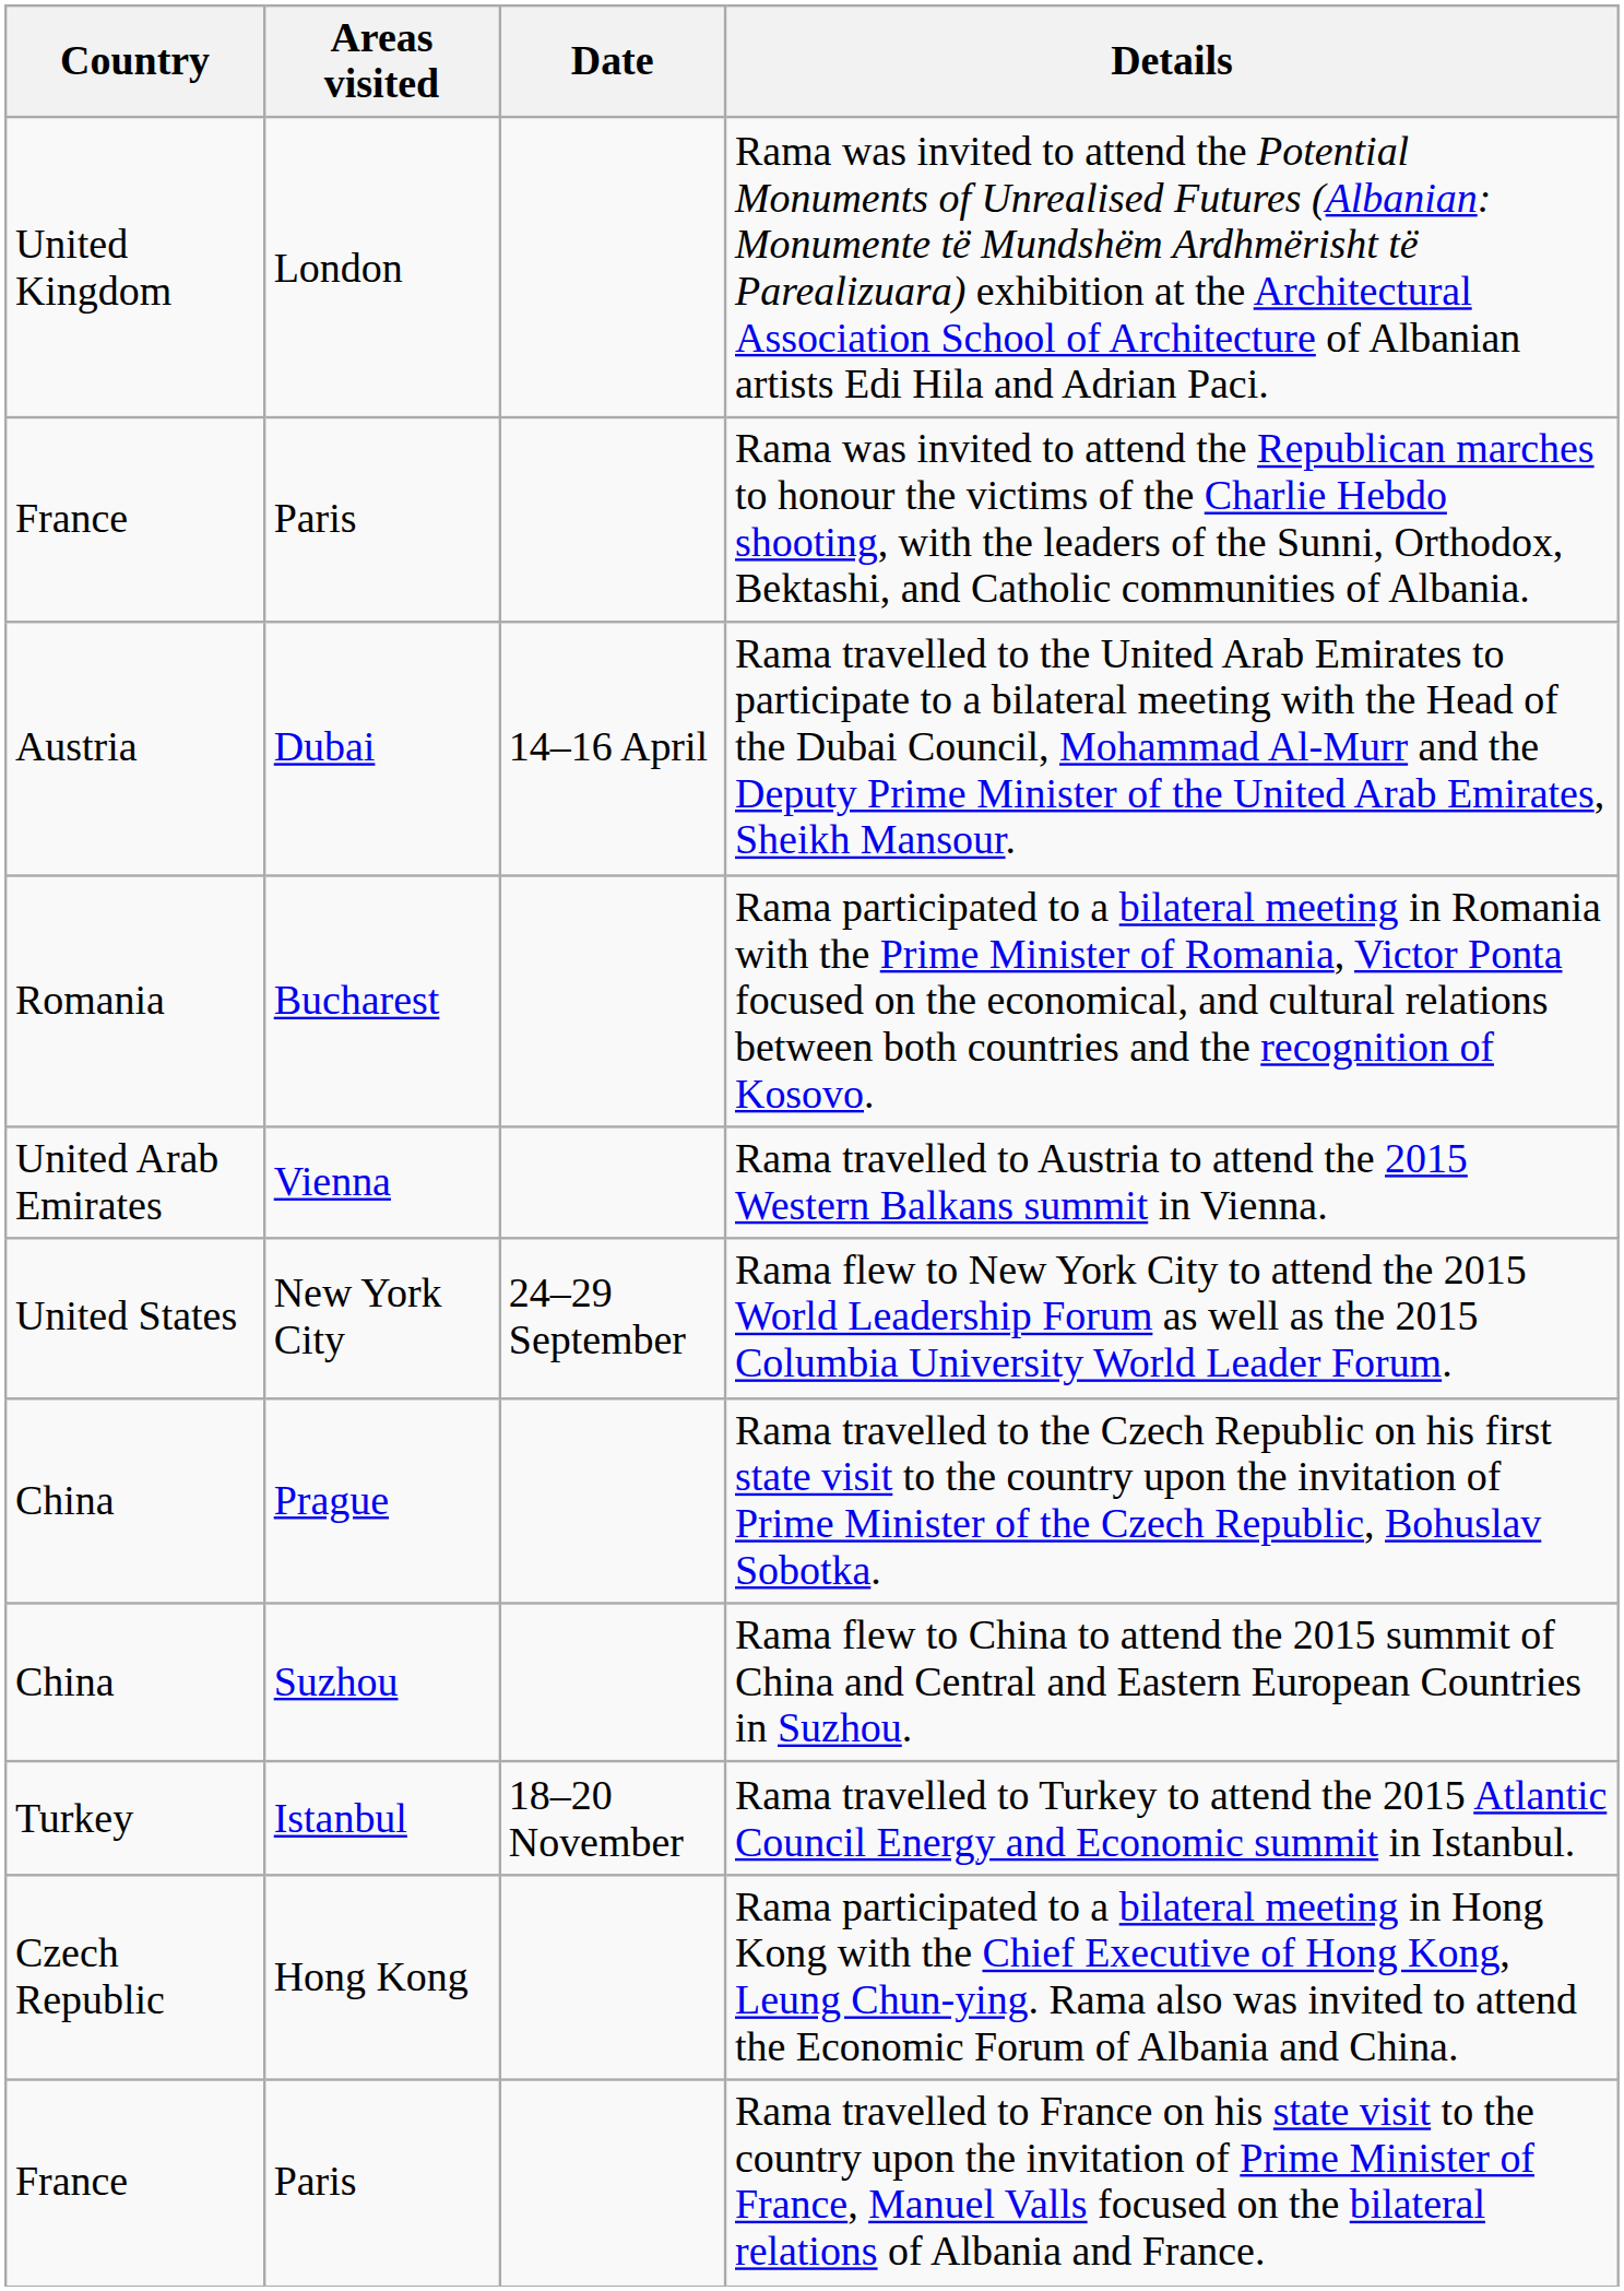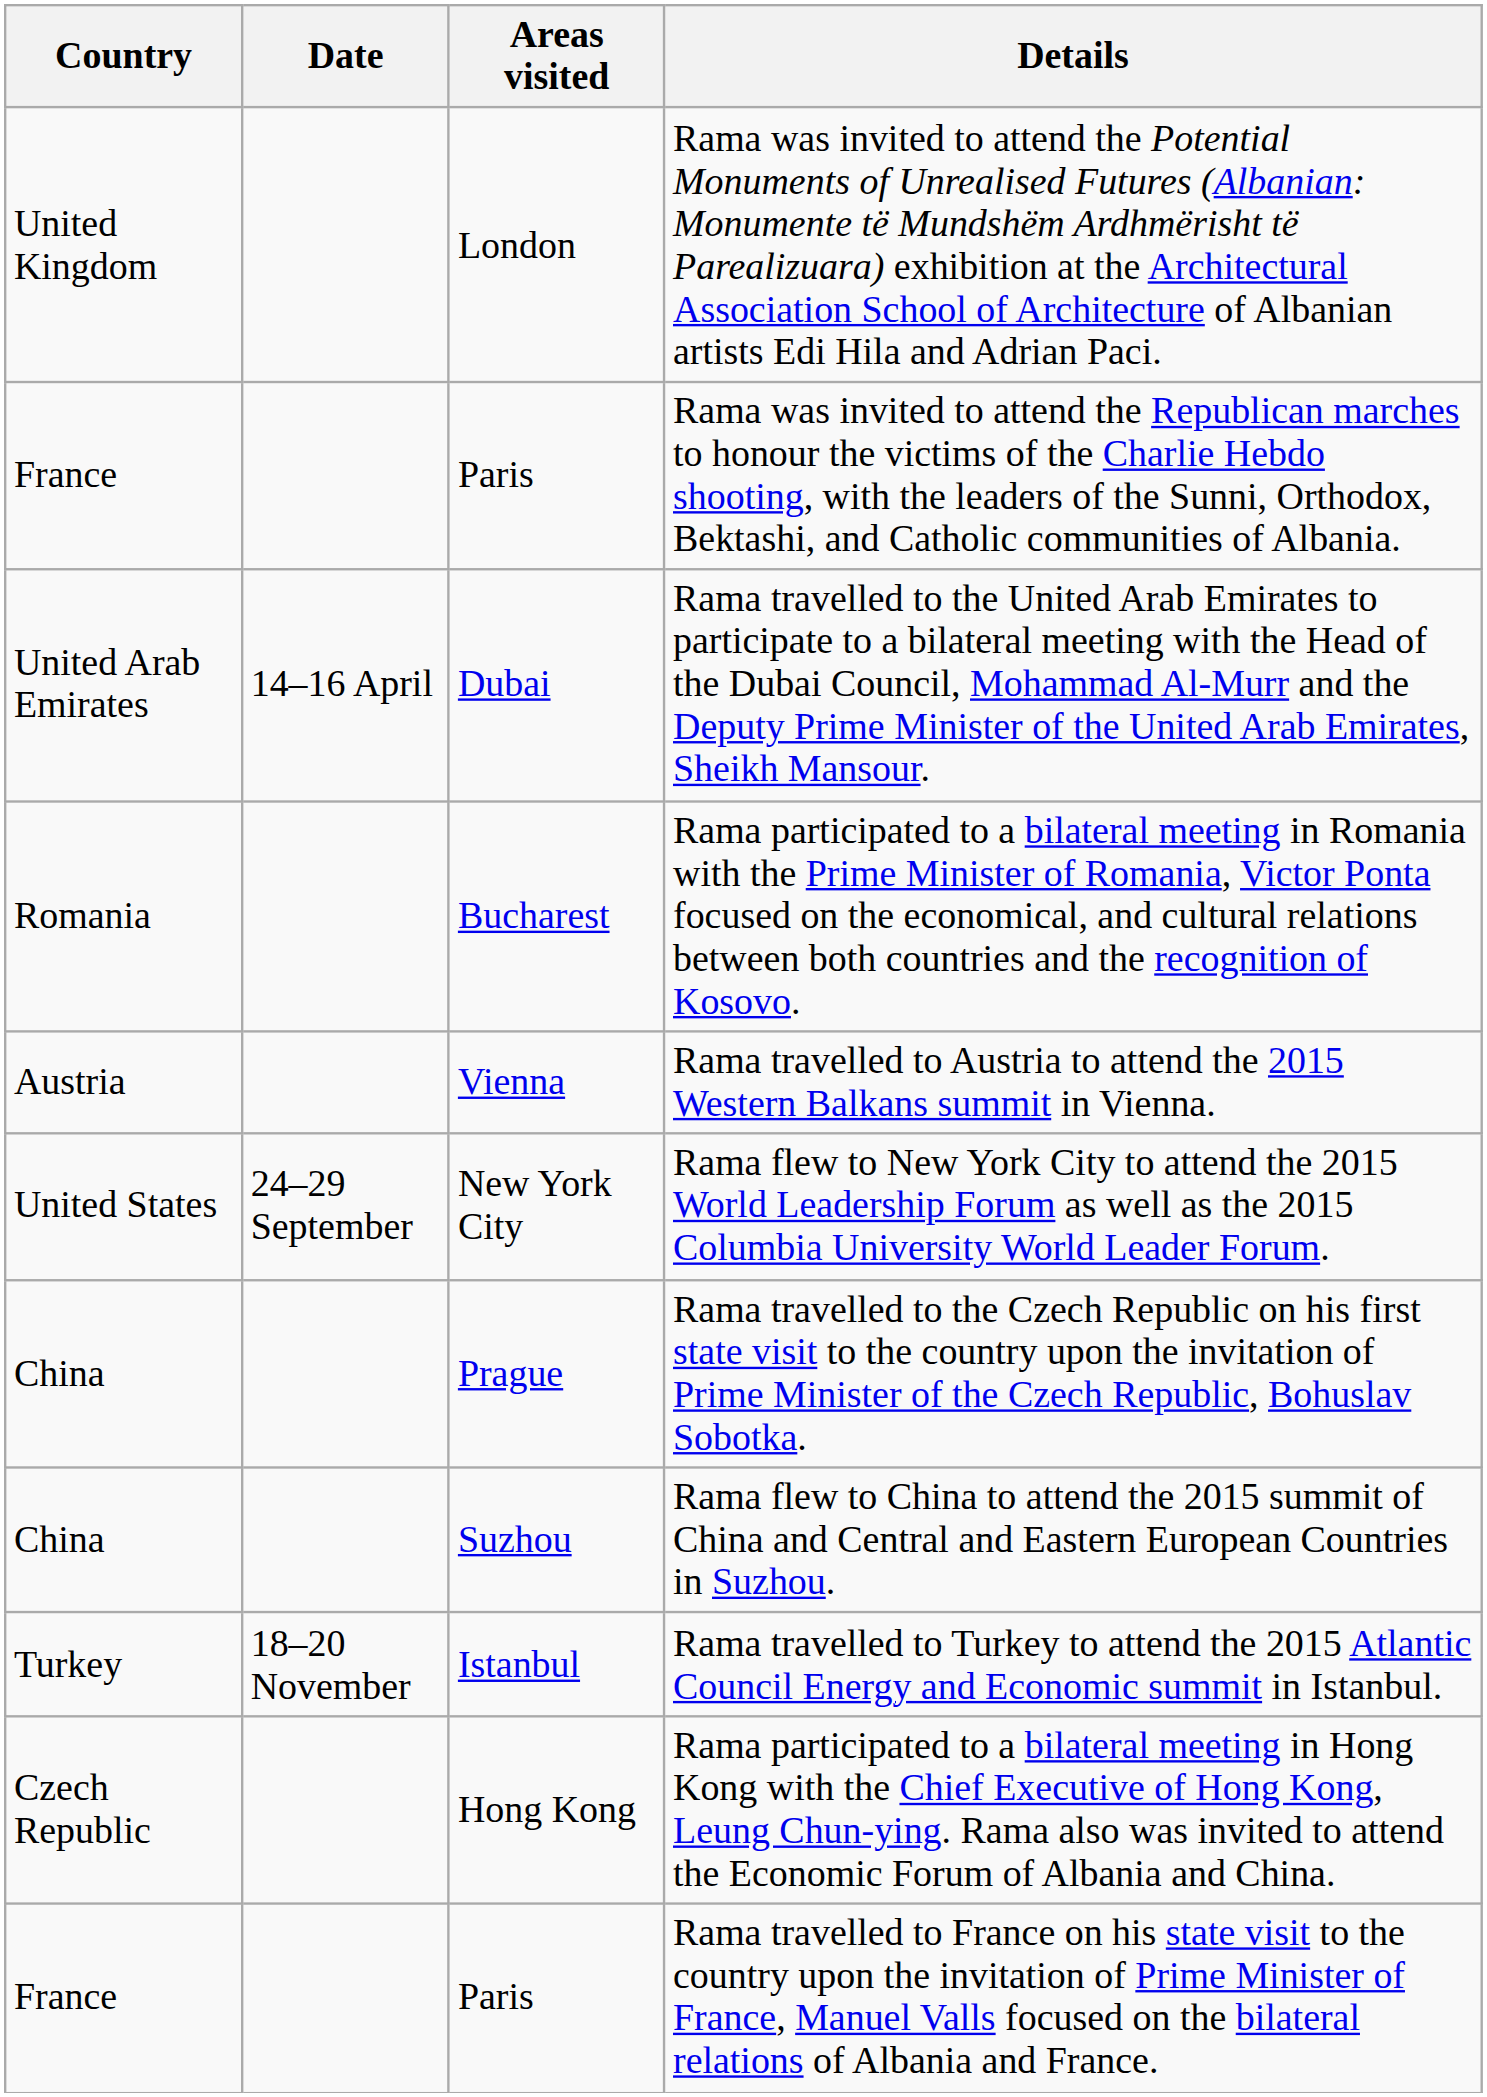 <table class="wikitable sortable outercollapse" style="margin: 1em auto 1em auto">
 <tr>
 <th width=120>Country</th>
+<th width=90>Date</th>
 <th width=100>Areas visited</th>
-<th width=90>Date</th>
 <th width=550>Details</th>
 </tr>
 <tr>
 <td> United Kingdom</td>
+<td></td>
 <td>London</td>
-<td></td>
 <td>Rama was invited to attend the <em>Potential Monuments of Unrealised Futures</em> <em>(<a href='#'>Albanian</a>: Monumente të Mundshëm Ardhmërisht të Parealizuara)</em> exhibition at the <a href='#'>Architectural Association School of Architecture</a> of Albanian artists Edi Hila and Adrian Paci.</td>
 </tr>
 <tr>
 <td> France</td>
+<td></td>
 <td>Paris</td>
-<td></td>
 <td>Rama was invited to attend the <a href='#'>Republican marches</a> to honour the victims of the <a href='#'>Charlie Hebdo shooting</a>, with the leaders of the Sunni, Orthodox, Bektashi, and Catholic communities of Albania.</td>
 </tr>
 <tr>
-<td> Austria</td>
+<td> United Arab Emirates</td>
+<td>14–16 April</td>
 <td><a href='#'>Dubai</a></td>
-<td>14–16 April</td>
 <td>Rama travelled to the United Arab Emirates to participate to a bilateral meeting with the Head of the Dubai Council, <a href='#'>Mohammad Al-Murr</a> and the <a href='#'>Deputy Prime Minister of the United Arab Emirates</a>, <a href='#'>Sheikh Mansour</a>.</td>
 </tr>
 <tr>
 <td> Romania</td>
+<td></td>
 <td><a href='#'>Bucharest</a></td>
-<td></td>
 <td>Rama participated to a <a href='#'>bilateral meeting</a> in Romania with the <a href='#'>Prime Minister of Romania</a>, <a href='#'>Victor Ponta</a> focused on the economical, and cultural relations between both countries and the <a href='#'>recognition of Kosovo</a>.</td>
 </tr>
 <tr>
-<td> United Arab Emirates</td>
+<td> Austria</td>
+<td></td>
 <td><a href='#'>Vienna</a></td>
-<td></td>
 <td>Rama travelled to Austria to attend the <a href='#'>2015 Western Balkans summit</a> in Vienna.</td>
 </tr>
 <tr>
 <td> United States</td>
+<td>24–29 September</td>
 <td>New York City</td>
-<td>24–29 September</td>
 <td>Rama flew to New York City to attend the 2015 <a href='#'>World Leadership Forum</a> as well as the 2015 <a href='#'>Columbia University World Leader Forum</a>.</td>
 </tr>
 <tr>
 <td> China</td>
+<td></td>
 <td><a href='#'>Prague</a></td>
-<td></td>
 <td>Rama travelled to the Czech Republic on his first <a href='#'>state visit</a> to the country upon the invitation of <a href='#'>Prime Minister of the Czech Republic</a>, <a href='#'>Bohuslav Sobotka</a>.</td>
 </tr>
 <tr>
 <td> China</td>
+<td></td>
 <td><a href='#'>Suzhou</a></td>
-<td></td>
 <td>Rama flew to China to attend the 2015 summit of China and Central and Eastern European Countries in <a href='#'>Suzhou</a>.</td>
 </tr>
 <tr>
 <td> Turkey</td>
+<td>18–20 November</td>
 <td><a href='#'>Istanbul</a></td>
-<td>18–20 November</td>
 <td>Rama travelled to Turkey to attend the 2015 <a href='#'>Atlantic Council Energy and Economic summit</a> in Istanbul.</td>
 </tr>
 <tr>
 <td> Czech Republic</td>
+<td></td>
 <td>Hong Kong</td>
-<td></td>
 <td>Rama participated to a <a href='#'>bilateral meeting</a> in Hong Kong with the <a href='#'>Chief Executive of Hong Kong</a>, <a href='#'>Leung Chun-ying</a>. Rama also was invited to attend the Economic Forum of Albania and China.</td>
 </tr>
 <tr>
 <td> France</td>
+<td></td>
 <td>Paris</td>
-<td></td>
 <td>Rama travelled to France on his <a href='#'>state visit</a> to the country upon the invitation of <a href='#'>Prime Minister of France</a>, <a href='#'>Manuel Valls</a> focused on the <a href='#'>bilateral relations</a> of Albania and France.</td>
 </tr>
 </table>
